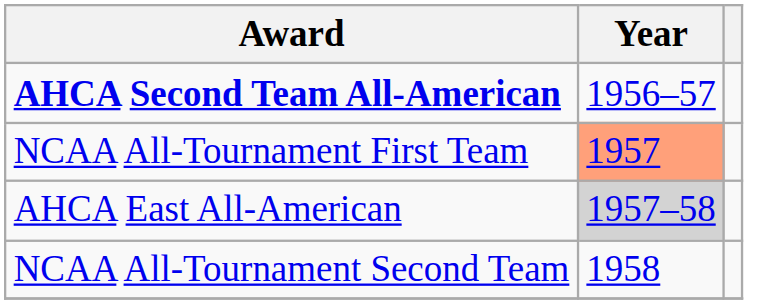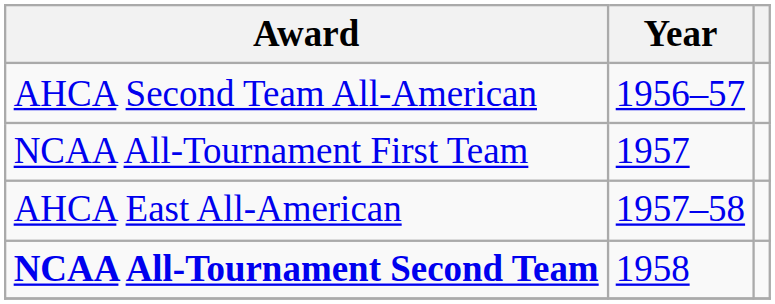 <table class="wikitable">
 <tr>
 <th>Award</th>
 <th>Year</th>
 <th></th>
 </tr>
 <tr>
-<td><strong><a href='#'>AHCA</a> <a href='#'>Second Team All-American</a></strong></td>
+<td><a href='#'>AHCA</a> <a href='#'>Second Team All-American</a></td>
 <td><a href='#'>1956–57</a></td>
 <td></td>
 </tr>
 <tr>
 <td><a href='#'>NCAA</a> <a href='#'>All-Tournament First Team</a></td>
-<td style="background: lightsalmon;"><a href='#'>1957</a></td>
+<td><a href='#'>1957</a></td>
 <td></td>
 </tr>
 <tr>
 <td><a href='#'>AHCA</a> <a href='#'>East All-American</a></td>
-<td style="background: lightgrey;"><a href='#'>1957–58</a></td>
+<td><a href='#'>1957–58</a></td>
 <td></td>
 </tr>
 <tr>
-<td><a href='#'>NCAA</a> <a href='#'>All-Tournament Second Team</a></td>
+<td><strong><a href='#'>NCAA</a> <a href='#'>All-Tournament Second Team</a></strong></td>
 <td><a href='#'>1958</a></td>
 <td></td>
 </tr>
 <tr>
 </tr>
 </table>
